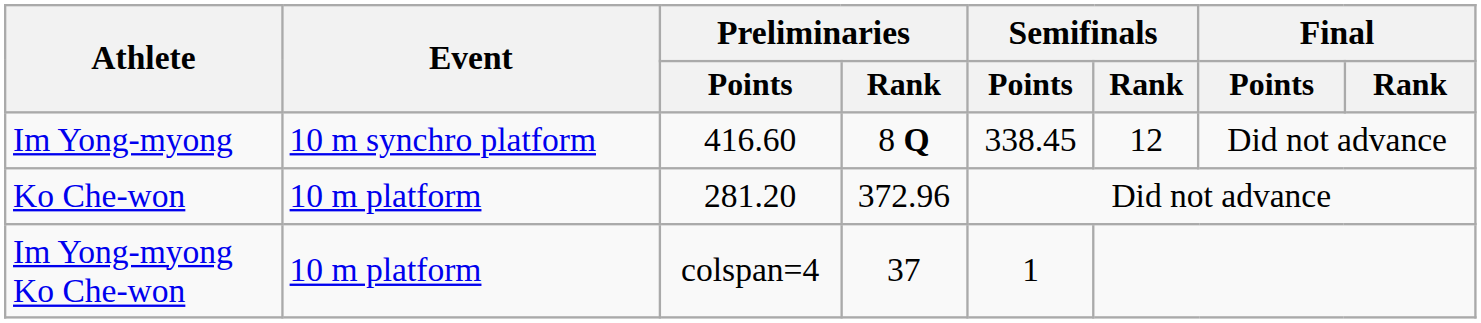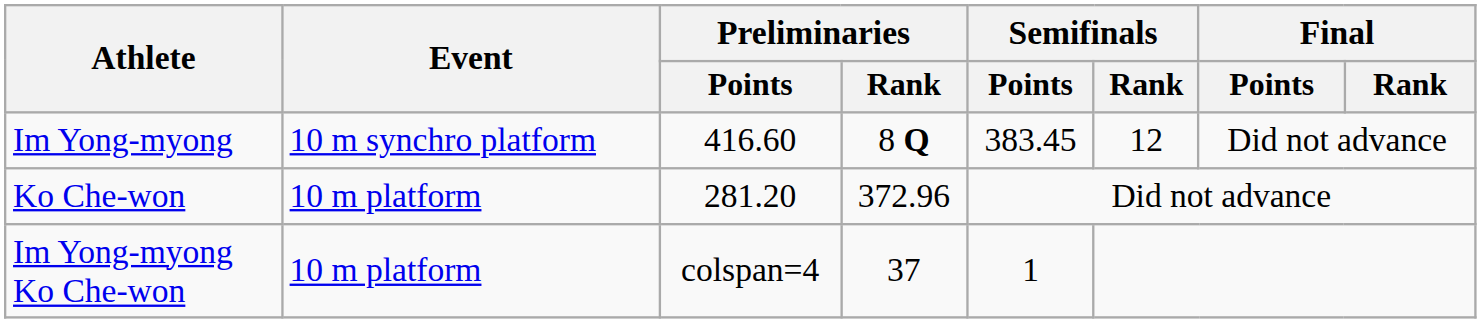 <table class="wikitable" style="text-align:center; font-size:90%; width:50%;">
 <tr>
 <th rowspan=2>Athlete</th>
 <th rowspan=2>Event</th>
 <th colspan=2>Preliminaries</th>
 <th colspan=2>Semifinals</th>
 <th colspan=2>Final</th>
 </tr>
 <tr style="font-size:95%">
 <th>Points</th>
 <th>Rank</th>
 <th>Points</th>
 <th>Rank</th>
 <th>Points</th>
 <th>Rank</th>
 </tr>
 <tr>
 <td align=left><a href='#'>Im Yong-myong</a></td>
 <td align=left><a href='#'>10 m synchro platform</a></td>
 <td>416.60</td>
 <td>8 <strong>Q</strong></td>
-<td>338.45</td>
+<td>383.45</td>
 <td>12</td>
 <td colspan=2>Did not advance</td>
 </tr>
 <tr>
 <td align=left><a href='#'>Ko Che-won</a></td>
 <td align=left><a href='#'>10 m platform</a></td>
 <td>281.20</td>
 <td>372.96</td>
 <td colspan=4>Did not advance</td>
 </tr>
 <tr>
 <td align=left><a href='#'>Im Yong-myong</a><br> <a href='#'>Ko Che-won</a></td>
 <td align=left><a href='#'>10 m platform</a></td>
 <td>colspan=4 </td>
 <td>37</td>
 <td>1</td>
 </tr>
 </table>
